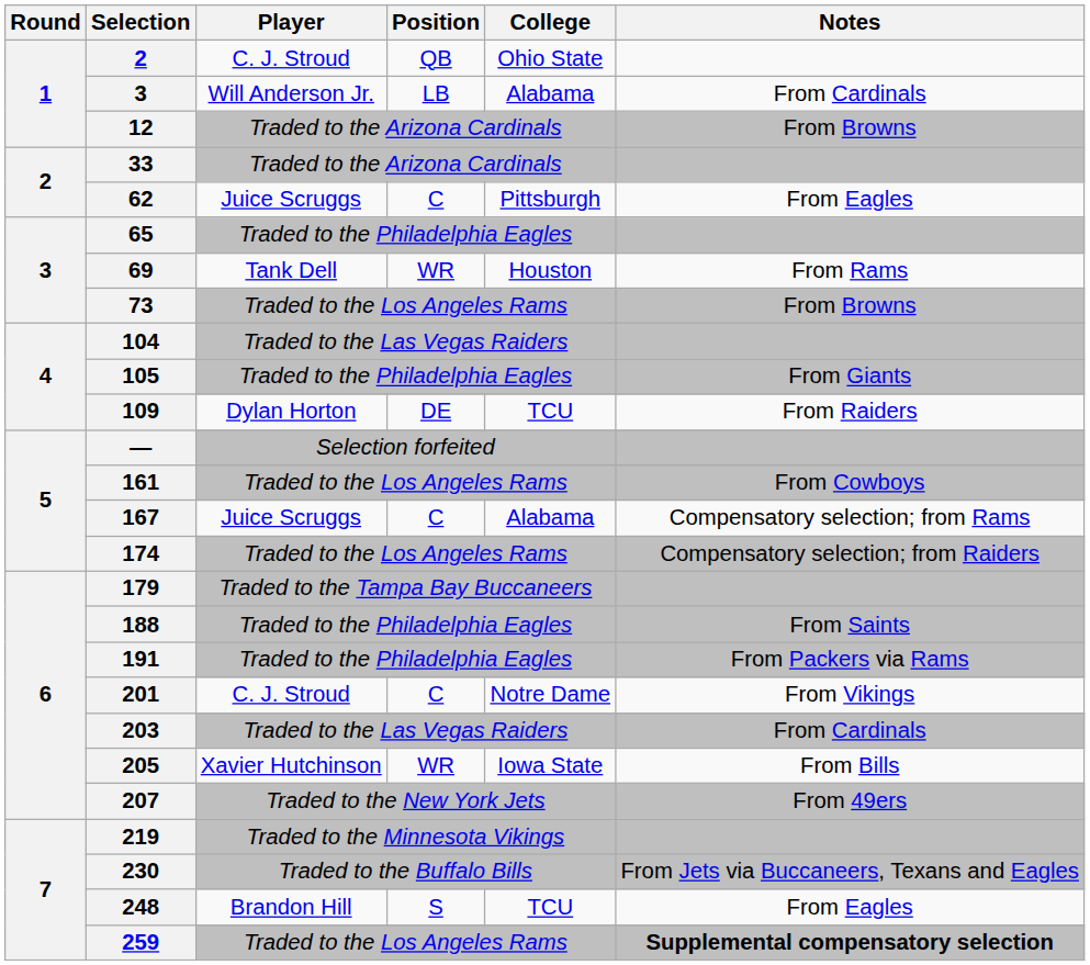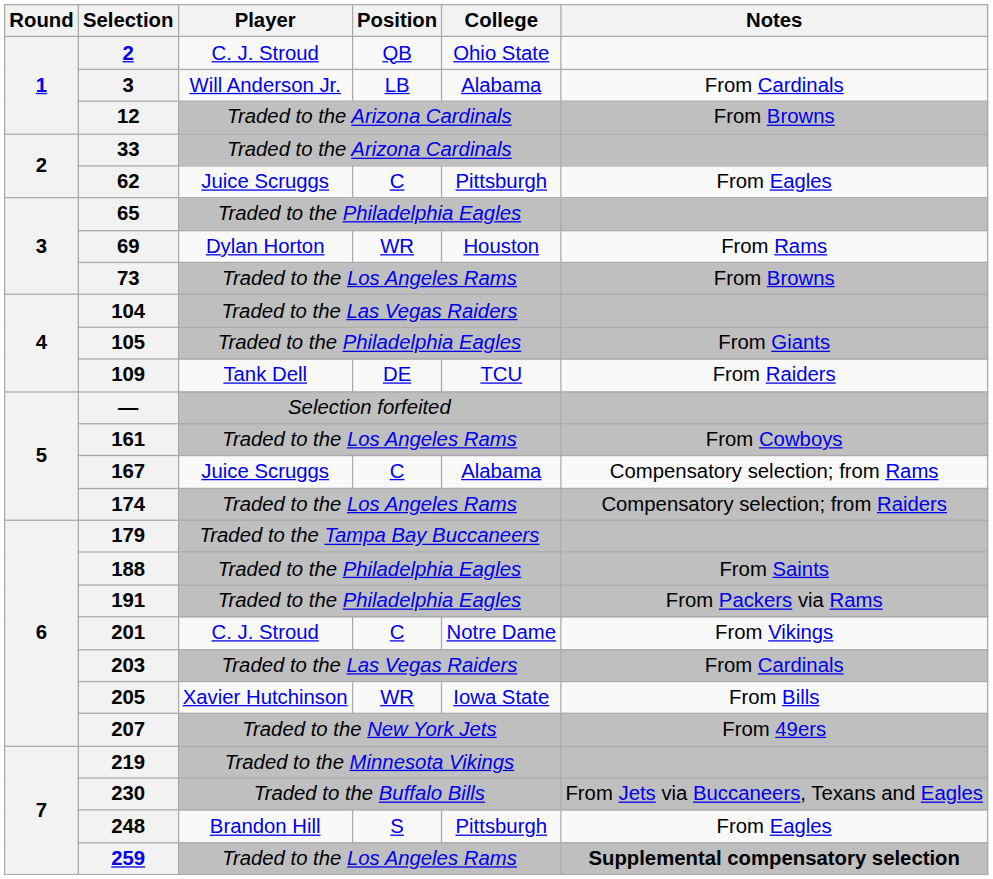 <table class="wikitable" style="text-align:center">
 <tr>
 <th>Round</th>
 <th>Selection</th>
 <th>Player</th>
 <th>Position</th>
 <th>College</th>
 <th>Notes</th>
 </tr>
 <tr>
 <th rowspan="3"><a href='#'>1</a></th>
 <th><a href='#'>2</a></th>
 <td><a href='#'>C. J. Stroud</a></td>
 <td><a href='#'>QB</a></td>
 <td><a href='#'>Ohio State</a></td>
 <td></td>
 </tr>
 <tr>
 <th>3</th>
 <td><a href='#'>Will Anderson Jr.</a></td>
 <td><a href='#'>LB</a></td>
 <td><a href='#'>Alabama</a></td>
 <td>From <a href='#'>Cardinals</a></td>
 </tr>
 <tr>
 <th>12</th>
 <td colspan="3" style="background:#BFBFBF"><em>Traded to the <a href='#'>Arizona Cardinals</a></em></td>
 <td style="background:#BFBFBF">From <a href='#'>Browns</a></td>
 </tr>
 <tr>
 <th rowspan="2">2</th>
 <th>33</th>
 <td colspan="3" style="background:#BFBFBF"><em>Traded to the <a href='#'>Arizona Cardinals</a></em></td>
 <td style="background:#BFBFBF"></td>
 </tr>
 <tr>
 <th>62</th>
 <td><a href='#'>Juice Scruggs</a></td>
 <td><a href='#'>C</a></td>
 <td><a href='#'>Pittsburgh</a></td>
 <td>From <a href='#'>Eagles</a></td>
 </tr>
 <tr>
 <th rowspan="3">3</th>
 <th>65</th>
 <td colspan="3" style="background:#BFBFBF"><em>Traded to the <a href='#'>Philadelphia Eagles</a></em></td>
 <td style="background:#BFBFBF"></td>
 </tr>
 <tr>
 <th>69</th>
-<td><a href='#'>Tank Dell</a></td>
+<td><a href='#'>Dylan Horton</a></td>
 <td><a href='#'>WR</a></td>
 <td><a href='#'>Houston</a></td>
 <td>From <a href='#'>Rams</a></td>
 </tr>
 <tr>
 <th>73</th>
 <td colspan="3" style="background:#BFBFBF"><em>Traded to the <a href='#'>Los Angeles Rams</a></em></td>
 <td style="background:#BFBFBF">From <a href='#'>Browns</a></td>
 </tr>
 <tr>
 <th rowspan="3">4</th>
 <th>104</th>
 <td colspan="3" style="background:#BFBFBF"><em>Traded to the <a href='#'>Las Vegas Raiders</a></em></td>
 <td style="background:#BFBFBF"></td>
 </tr>
 <tr>
 <th>105</th>
 <td colspan="3" style="background:#BFBFBF"><em>Traded to the <a href='#'>Philadelphia Eagles</a></em></td>
 <td style="background:#BFBFBF">From <a href='#'>Giants</a></td>
 </tr>
 <tr>
 <th>109</th>
-<td><a href='#'>Dylan Horton</a></td>
+<td><a href='#'>Tank Dell</a></td>
 <td><a href='#'>DE</a></td>
 <td><a href='#'>TCU</a></td>
 <td>From <a href='#'>Raiders</a></td>
 </tr>
 <tr>
 <th rowspan="4">5</th>
 <th>—</th>
 <td colspan="3" style="background:#BFBFBF"><em>Selection forfeited</em></td>
 <td style="background:#BFBFBF"></td>
 </tr>
 <tr>
 <th>161</th>
 <td colspan="3" style="background:#BFBFBF"><em>Traded to the <a href='#'>Los Angeles Rams</a></em></td>
 <td style="background:#BFBFBF">From <a href='#'>Cowboys</a></td>
 </tr>
 <tr>
 <th>167</th>
 <td><a href='#'>Juice Scruggs</a></td>
 <td><a href='#'>C</a></td>
 <td><a href='#'>Alabama</a></td>
 <td>Compensatory selection; from <a href='#'>Rams</a></td>
 </tr>
 <tr>
 <th>174</th>
 <td colspan="3" style="background:#BFBFBF"><em>Traded to the <a href='#'>Los Angeles Rams</a></em></td>
 <td style="background:#BFBFBF">Compensatory selection; from <a href='#'>Raiders</a></td>
 </tr>
 <tr>
 <th rowspan="7">6</th>
 <th>179</th>
 <td colspan="3" style="background:#BFBFBF"><em>Traded to the <a href='#'>Tampa Bay Buccaneers</a></em></td>
 <td style="background:#BFBFBF"></td>
 </tr>
 <tr>
 <th>188</th>
 <td colspan="3" style="background:#BFBFBF"><em>Traded to the <a href='#'>Philadelphia Eagles</a></em></td>
 <td style="background:#BFBFBF">From <a href='#'>Saints</a></td>
 </tr>
 <tr>
 <th>191</th>
 <td colspan="3" style="background:#BFBFBF"><em>Traded to the <a href='#'>Philadelphia Eagles</a></em></td>
 <td style="background:#BFBFBF">From <a href='#'>Packers</a> via <a href='#'>Rams</a></td>
 </tr>
 <tr>
 <th>201</th>
 <td><a href='#'>C. J. Stroud</a></td>
 <td><a href='#'>C</a></td>
 <td><a href='#'>Notre Dame</a></td>
 <td>From <a href='#'>Vikings</a></td>
 </tr>
 <tr>
 <th>203</th>
 <td colspan="3" style="background:#BFBFBF"><em>Traded to the <a href='#'>Las Vegas Raiders</a></em></td>
 <td style="background:#BFBFBF">From <a href='#'>Cardinals</a></td>
 </tr>
 <tr>
 <th>205</th>
 <td><a href='#'>Xavier Hutchinson</a></td>
 <td><a href='#'>WR</a></td>
 <td><a href='#'>Iowa State</a></td>
 <td>From <a href='#'>Bills</a></td>
 </tr>
 <tr>
 <th>207</th>
 <td colspan="3" style="background:#BFBFBF"><em>Traded to the <a href='#'>New York Jets</a></em></td>
 <td style="background:#BFBFBF">From <a href='#'>49ers</a></td>
 </tr>
 <tr>
 <th rowspan="4">7</th>
 <th>219</th>
 <td colspan="3" style="background:#BFBFBF"><em>Traded to the <a href='#'>Minnesota Vikings</a></em></td>
 <td style="background:#BFBFBF"></td>
 </tr>
 <tr>
 <th>230</th>
 <td colspan="3" style="background:#BFBFBF"><em>Traded to the <a href='#'>Buffalo Bills</a></em></td>
 <td style="background:#BFBFBF">From <a href='#'>Jets</a> via <a href='#'>Buccaneers</a>, Texans and <a href='#'>Eagles</a></td>
 </tr>
 <tr>
 <th>248</th>
 <td><a href='#'>Brandon Hill</a></td>
 <td><a href='#'>S</a></td>
-<td><a href='#'>TCU</a></td>
+<td><a href='#'>Pittsburgh</a></td>
 <td>From <a href='#'>Eagles</a></td>
 </tr>
 <tr>
 <th><a href='#'>259</a></th>
 <td colspan="3" style="background:#BFBFBF"><em>Traded to the <a href='#'>Los Angeles Rams</a></em></td>
 <td style="background:#BFBFBF"><strong>Supplemental compensatory selection</strong></td>
 </tr>
 </table>
